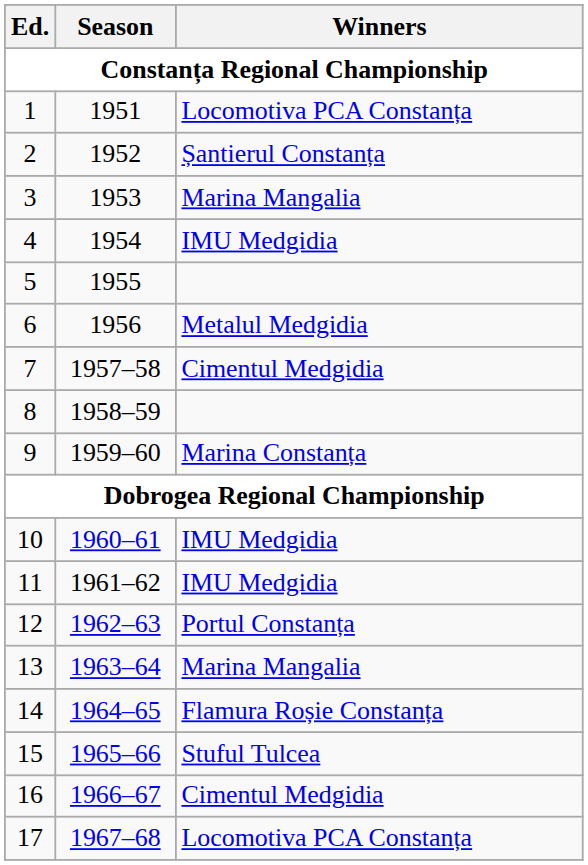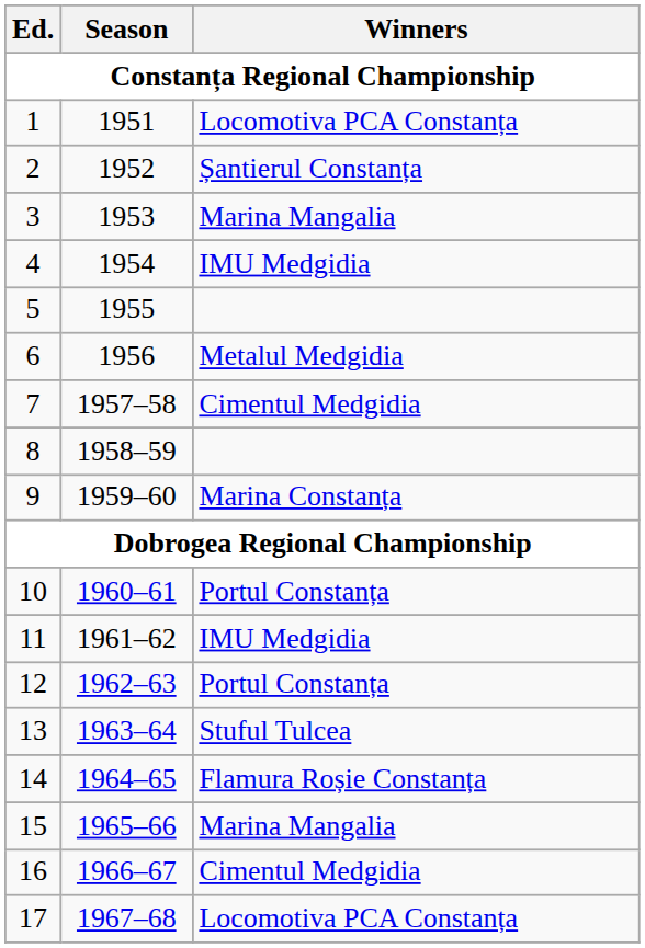 <table class="wikitable" style="font-size:90%">
 <tr>
 <th><abbr>Ed.</abbr></th>
 <th width="60">Season</th>
 <th width="220">Winners</th>
 </tr>
 <tr>
 <th colspan="3" style="background:#ffffff">Constanța Regional Championship</th>
 </tr>
 <tr>
 <td align=center>1</td>
 <td align=center>1951</td>
 <td><a href='#'>Locomotiva PCA Constanța</a></td>
 </tr>
 <tr>
 <td align=center>2</td>
 <td align=center>1952</td>
 <td><a href='#'>Șantierul Constanța</a></td>
 </tr>
 <tr>
 <td align=center>3</td>
 <td align=center>1953</td>
 <td><a href='#'>Marina Mangalia</a></td>
 </tr>
 <tr>
 <td align=center>4</td>
 <td align=center>1954</td>
 <td><a href='#'>IMU Medgidia</a></td>
 </tr>
 <tr>
 <td align=center>5</td>
 <td align=center>1955</td>
 <td></td>
 </tr>
 <tr>
 <td align=center>6</td>
 <td align=center>1956</td>
 <td><a href='#'>Metalul Medgidia</a></td>
 </tr>
 <tr>
 <td align=center>7</td>
 <td align=center>1957–58</td>
 <td><a href='#'>Cimentul Medgidia</a></td>
 </tr>
 <tr>
 <td align=center>8</td>
 <td align=center>1958–59</td>
 <td></td>
 </tr>
 <tr>
 <td align=center>9</td>
 <td align=center>1959–60</td>
 <td><a href='#'>Marina Constanța</a></td>
 </tr>
 <tr>
 <th colspan="3" style="background:#ffffff">Dobrogea Regional Championship</th>
 </tr>
 <tr>
 <td align=center>10</td>
 <td align=center><a href='#'>1960–61</a></td>
-<td><a href='#'>IMU Medgidia</a></td>
+<td><a href='#'>Portul Constanța</a></td>
 </tr>
 <tr>
 <td align=center>11</td>
 <td align=center>1961–62</td>
 <td><a href='#'>IMU Medgidia</a></td>
 </tr>
 <tr>
 <td align=center>12</td>
 <td align=center><a href='#'>1962–63</a></td>
 <td><a href='#'>Portul Constanța</a></td>
 </tr>
 <tr>
 <td align=center>13</td>
 <td align=center><a href='#'>1963–64</a></td>
-<td><a href='#'>Marina Mangalia</a></td>
+<td><a href='#'>Stuful Tulcea</a></td>
 </tr>
 <tr>
 <td align=center>14</td>
 <td align=center><a href='#'>1964–65</a></td>
 <td><a href='#'>Flamura Roșie Constanța</a></td>
 </tr>
 <tr>
 <td align=center>15</td>
 <td align=center><a href='#'>1965–66</a></td>
-<td><a href='#'>Stuful Tulcea</a></td>
+<td><a href='#'>Marina Mangalia</a></td>
 </tr>
 <tr>
 <td align=center>16</td>
 <td align=center><a href='#'>1966–67</a></td>
 <td><a href='#'>Cimentul Medgidia</a></td>
 </tr>
 <tr>
 <td align=center>17</td>
 <td align=center><a href='#'>1967–68</a></td>
 <td><a href='#'>Locomotiva PCA Constanța</a></td>
 </tr>
 </table>
